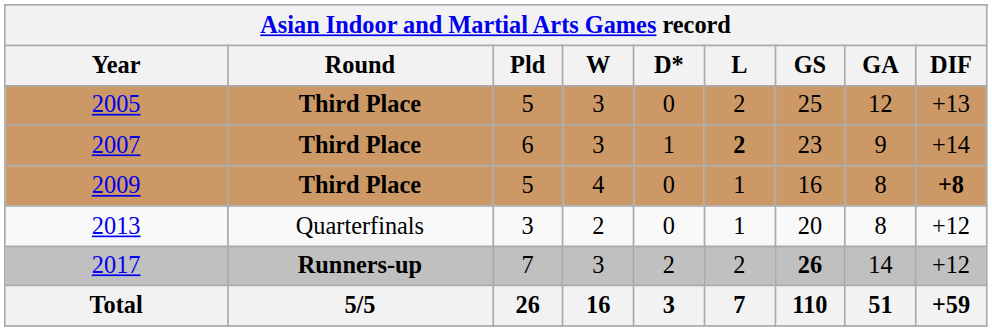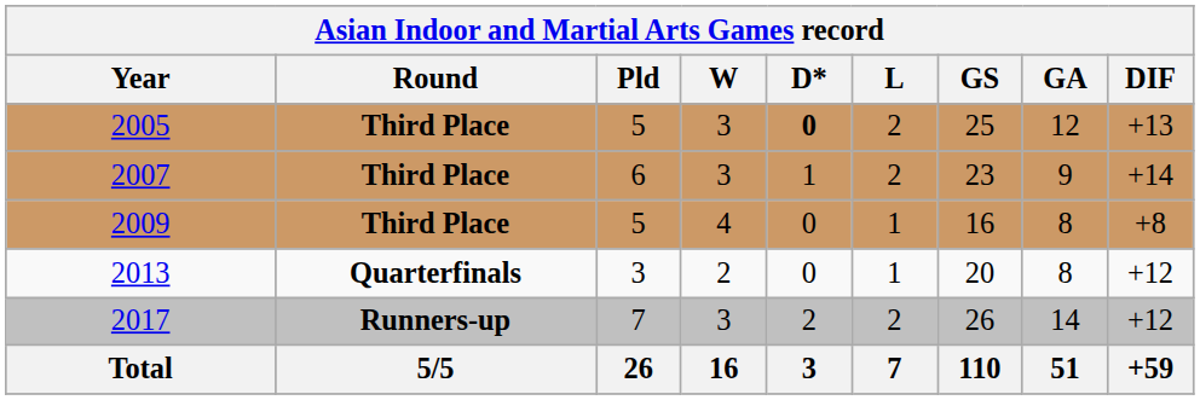 <table class="wikitable" style="text-align: center;font-size:90%;">
 <tr>
 <th colspan=9><a href='#'>Asian Indoor and Martial Arts Games</a> record</th>
 </tr>
 <tr>
 <th width=125>Year</th>
 <th width=150>Round</th>
 <th width=35>Pld</th>
 <th width=35>W</th>
 <th width=35>D*</th>
 <th width=35>L</th>
 <th width=35>GS</th>
 <th width=35>GA</th>
 <th width=35>DIF</th>
 </tr>
 <tr bgcolor="#cc9966">
 <td> <a href='#'>2005</a></td>
 <td><strong>Third Place</strong></td>
 <td>5</td>
 <td>3</td>
-<td>0</td>
+<td><strong>0</strong></td>
 <td>2</td>
 <td>25</td>
 <td>12</td>
 <td>+13</td>
 </tr>
 <tr bgcolor="#cc9966">
 <td> <a href='#'>2007</a></td>
 <td><strong>Third Place</strong></td>
 <td>6</td>
 <td>3</td>
 <td>1</td>
-<td><strong>2</strong></td>
+<td>2</td>
 <td>23</td>
 <td>9</td>
 <td>+14</td>
 </tr>
 <tr bgcolor="#cc9966">
 <td> <a href='#'>2009</a></td>
 <td><strong>Third Place</strong></td>
 <td>5</td>
 <td>4</td>
 <td>0</td>
 <td>1</td>
 <td>16</td>
 <td>8</td>
-<td><strong>+8</strong></td>
+<td>+8</td>
 </tr>
 <tr bgcolor=>
 <td> <a href='#'>2013</a></td>
-<td>Quarterfinals</td>
+<td><strong>Quarterfinals</strong></td>
 <td>3</td>
 <td>2</td>
 <td>0</td>
 <td>1</td>
 <td>20</td>
 <td>8</td>
 <td>+12</td>
 </tr>
 <tr bgcolor=silver>
 <td> <a href='#'>2017</a></td>
 <td><strong>Runners-up</strong></td>
 <td>7</td>
 <td>3</td>
 <td>2</td>
 <td>2</td>
-<td><strong>26</strong></td>
+<td>26</td>
 <td>14</td>
 <td>+12</td>
 </tr>
 <tr>
 <th><strong>Total</strong></th>
 <th>5/5</th>
 <th>26</th>
 <th>16</th>
 <th>3</th>
 <th>7</th>
 <th>110</th>
 <th>51</th>
 <th>+59</th>
 </tr>
 </table>
